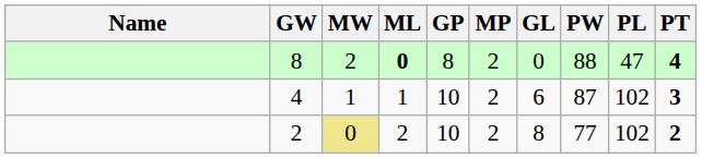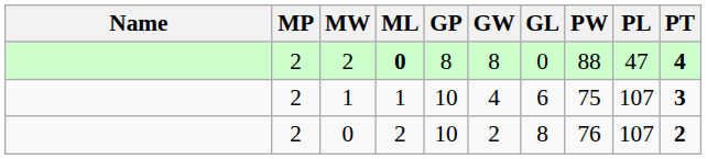 <table class=wikitable style="text-align:center">
 <tr>
 <th width=175>Name</th>
-<th width=20>GW</th>
+<th width=20>MP</th>
 <th width=20>MW</th>
 <th width=20>ML</th>
 <th width=20>GP</th>
-<th width=20>MP</th>
+<th width=20>GW</th>
 <th width=20>GL</th>
 <th width=20>PW</th>
 <th width=20>PL</th>
 <th width=20>PT</th>
 </tr>
 <tr style="background-color:#ccffcc;">
 <td style="text-align:left;"><strong></strong></td>
-<td>8</td>
+<td>2</td>
 <td>2</td>
 <td><strong>0</strong></td>
 <td>8</td>
-<td>2</td>
+<td>8</td>
 <td>0</td>
 <td>88</td>
 <td>47</td>
 <td><strong>4</strong></td>
 </tr>
 <tr>
 <td style="text-align:left;"></td>
-<td>4</td>
+<td>2</td>
 <td>1</td>
 <td>1</td>
 <td>10</td>
-<td>2</td>
+<td>4</td>
 <td>6</td>
-<td>87</td>
-<td>102</td>
+<td>75</td>
+<td>107</td>
 <td><strong>3</strong></td>
 </tr>
 <tr>
 <td style="text-align:left;"></td>
 <td>2</td>
-<td style="background: khaki;">0</td>
+<td>0</td>
 <td>2</td>
 <td>10</td>
 <td>2</td>
 <td>8</td>
-<td>77</td>
-<td>102</td>
+<td>76</td>
+<td>107</td>
 <td><strong>2</strong></td>
 </tr>
 </table>
